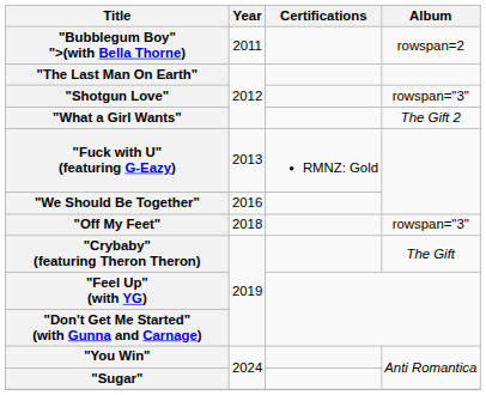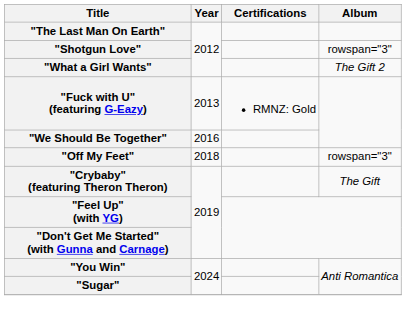 <table class="wikitable plainrowheaders" style="text-align:center;" border="1">
 <tr>
 <th scope="col" style="width:16em;">Title</th>
 <th scope="col">Year</th>
 <th scope="col">Certifications</th>
 <th scope="col">Album</th>
-</tr>
-<tr>
-<th scope="row">"Bubblegum Boy"<br><span>">(with <a href='#'>Bella Thorne</a>)</span></th>
-<td>2011</td>
-<td></td>
-<td>rowspan=2 </td>
 </tr>
 <tr>
 <th scope="row">"The Last Man On Earth"</th>
 <td rowspan=3>2012</td>
 <td></td>
 </tr>
 <tr>
 <th scope="row">"Shotgun Love"</th>
 <td></td>
 <td>rowspan="3" </td>
 </tr>
 <tr>
 <th scope="row">"What a Girl Wants"</th>
 <td></td>
 <td><em>The Gift 2</em></td>
 </tr>
 <tr>
 <th scope="row">"Fuck with U"<br><span>(featuring <a href='#'>G-Eazy</a>)</span></th>
 <td>2013</td>
 <td><br><ul><li>RMNZ: Gold</li></ul></td>
 </tr>
 <tr>
 <th scope="row">"We Should Be Together"</th>
 <td>2016</td>
 <td></td>
 </tr>
 <tr>
 <th scope="row">"Off My Feet"</th>
 <td>2018</td>
 <td></td>
 <td>rowspan="3" </td>
 </tr>
 <tr>
 <th scope="row">"Crybaby"<br><span>(featuring Theron Theron)</span></th>
 <td rowspan=3>2019</td>
 <td></td>
 <td><em>The Gift</em></td>
 </tr>
 <tr>
 <th scope="row">"Feel Up"<br><span>(with <a href='#'>YG</a>)</span></th>
 </tr>
 <tr>
 <th scope="row">"Don't Get Me Started"<br><span>(with <a href='#'>Gunna</a> and <a href='#'>Carnage</a>)</span></th>
 </tr>
 <tr>
 <th scope="row">"You Win"</th>
 <td rowspan="2">2024</td>
 <td></td>
 <td rowspan="2"><em>Anti Romantica</em></td>
 </tr>
 <tr>
 <th scope="row">"Sugar"</th>
 <td></td>
 </tr>
 <tr>
 </tr>
 </table>
